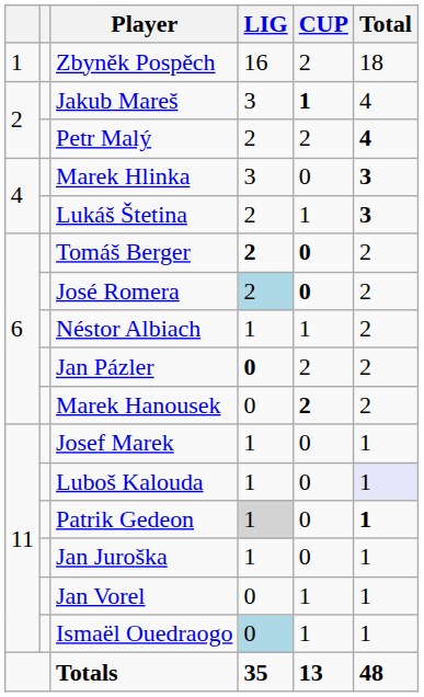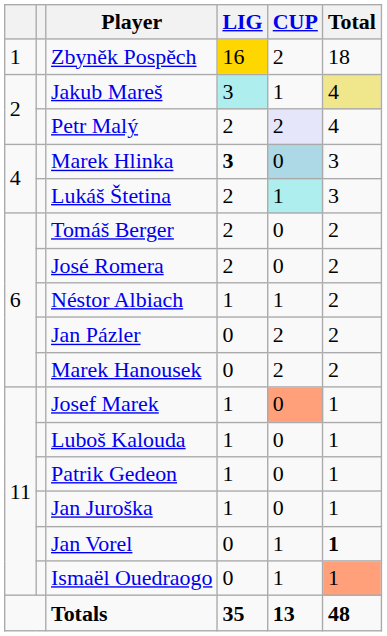 <table class="wikitable"  class= style="text-align:center; border:1px #aaa solid; font-size:95%">
 <tr>
 <th></th>
 <th></th>
 <th>Player</th>
 <th><a href='#'>LIG</a></th>
 <th><a href='#'>CUP</a></th>
 <th>Total</th>
 </tr>
 <tr>
 <td rowspan="1">1</td>
 <td></td>
 <td><a href='#'>Zbyněk Pospěch</a></td>
-<td>16</td>
+<td style="background: gold;">16</td>
 <td>2</td>
 <td>18</td>
 </tr>
 <tr>
 <td rowspan="2">2</td>
 <td></td>
 <td><a href='#'>Jakub Mareš</a></td>
-<td>3</td>
-<td><strong>1</strong></td>
-<td>4</td>
+<td style="background: paleturquoise;">3</td>
+<td>1</td>
+<td style="background: khaki;">4</td>
 </tr>
 <tr>
 <td></td>
 <td><a href='#'>Petr Malý</a></td>
 <td>2</td>
-<td>2</td>
-<td><strong>4</strong></td>
+<td style="background: lavender;">2</td>
+<td>4</td>
 </tr>
 <tr>
 <td rowspan="2">4</td>
 <td></td>
 <td><a href='#'>Marek Hlinka</a></td>
+<td><strong>3</strong></td>
+<td style="background: lightblue;">0</td>
 <td>3</td>
-<td>0</td>
-<td><strong>3</strong></td>
 </tr>
 <tr>
 <td></td>
 <td><a href='#'>Lukáš Štetina</a></td>
 <td>2</td>
-<td>1</td>
-<td><strong>3</strong></td>
+<td style="background: paleturquoise;">1</td>
+<td>3</td>
 </tr>
 <tr>
 <td rowspan="5">6</td>
 <td></td>
 <td><a href='#'>Tomáš Berger</a></td>
-<td><strong>2</strong></td>
-<td><strong>0</strong></td>
+<td>2</td>
+<td>0</td>
 <td>2</td>
 </tr>
 <tr>
 <td></td>
 <td><a href='#'>José Romera</a></td>
-<td style="background: lightblue;">2</td>
-<td><strong>0</strong></td>
+<td>2</td>
+<td>0</td>
 <td>2</td>
 </tr>
 <tr>
 <td></td>
 <td><a href='#'>Néstor Albiach</a></td>
 <td>1</td>
 <td>1</td>
 <td>2</td>
 </tr>
 <tr>
 <td></td>
 <td><a href='#'>Jan Pázler</a></td>
-<td><strong>0</strong></td>
+<td>0</td>
 <td>2</td>
 <td>2</td>
 </tr>
 <tr>
 <td></td>
 <td><a href='#'>Marek Hanousek</a></td>
 <td>0</td>
-<td><strong>2</strong></td>
+<td>2</td>
 <td>2</td>
 </tr>
 <tr>
 <td rowspan="6">11</td>
 <td></td>
 <td><a href='#'>Josef Marek</a></td>
 <td>1</td>
-<td>0</td>
+<td style="background: lightsalmon;">0</td>
 <td>1</td>
 </tr>
 <tr>
 <td></td>
 <td><a href='#'>Luboš Kalouda</a></td>
 <td>1</td>
 <td>0</td>
-<td style="background: lavender;">1</td>
+<td>1</td>
 </tr>
 <tr>
 <td></td>
 <td><a href='#'>Patrik Gedeon</a></td>
-<td style="background: lightgrey;">1</td>
+<td>1</td>
 <td>0</td>
-<td><strong>1</strong></td>
+<td>1</td>
 </tr>
 <tr>
 <td></td>
 <td><a href='#'>Jan Juroška</a></td>
 <td>1</td>
 <td>0</td>
 <td>1</td>
 </tr>
 <tr>
 <td></td>
 <td><a href='#'>Jan Vorel</a></td>
 <td>0</td>
 <td>1</td>
-<td>1</td>
+<td><strong>1</strong></td>
 </tr>
 <tr>
 <td></td>
 <td><a href='#'>Ismaël Ouedraogo</a></td>
-<td style="background: lightblue;">0</td>
+<td>0</td>
 <td>1</td>
-<td>1</td>
+<td style="background: lightsalmon;">1</td>
 </tr>
 <tr>
 <td colspan="2"></td>
 <td><strong>Totals</strong></td>
 <td><strong>35</strong></td>
 <td><strong>13</strong></td>
 <td><strong>48</strong></td>
 </tr>
 </table>
